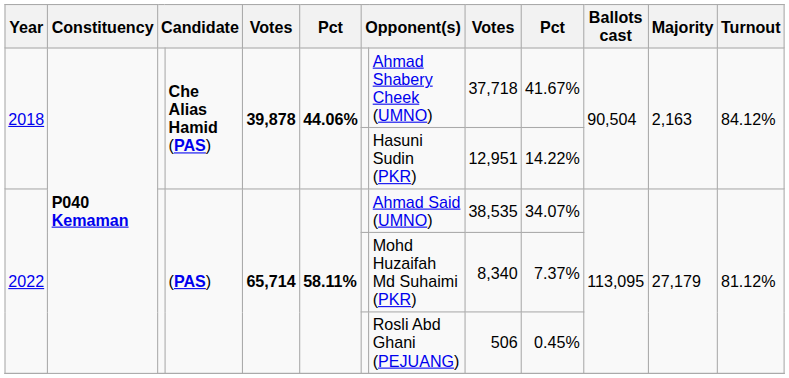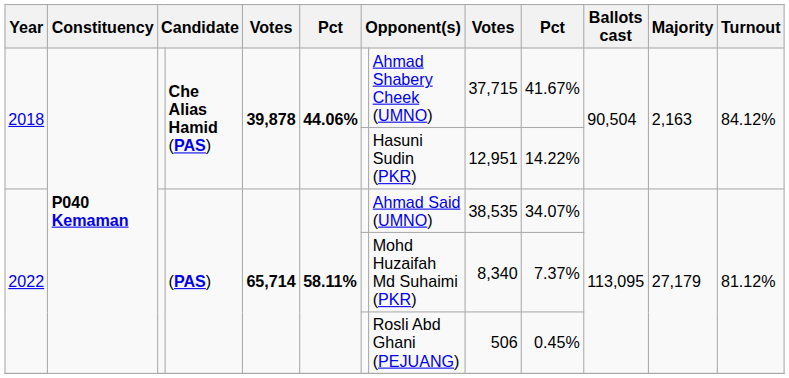 <table class="wikitable" style="margin:0.5em ; font-size:95%">
 <tr>
 <th>Year</th>
 <th>Constituency</th>
 <th colspan=2>Candidate</th>
 <th>Votes</th>
 <th>Pct</th>
 <th colspan=2>Opponent(s)</th>
 <th>Votes</th>
 <th>Pct</th>
 <th>Ballots cast</th>
 <th>Majority</th>
 <th>Turnout</th>
 </tr>
 <tr>
 <td rowspan=2><a href='#'>2018</a></td>
 <td rowspan=7><strong>P040 <a href='#'>Kemaman</a></strong></td>
 <td rowspan=2 ></td>
 <td rowspan=2><strong>Che Alias Hamid</strong> (<strong><a href='#'>PAS</a></strong>)</td>
 <td rowspan=2 align="right"><strong>39,878</strong></td>
 <td rowspan=2><strong>44.06%</strong></td>
 <td></td>
 <td><a href='#'>Ahmad Shabery Cheek</a> (<a href='#'>UMNO</a>)</td>
-<td align="right">37,718</td>
+<td align="right">37,715</td>
 <td>41.67%</td>
 <td rowspan=2>90,504</td>
 <td rowspan=2>2,163</td>
 <td rowspan=2>84.12%</td>
 </tr>
 <tr>
 <td></td>
 <td>Hasuni Sudin (<a href='#'>PKR</a>)</td>
 <td align="right">12,951</td>
 <td>14.22%</td>
 </tr>
 <tr>
 <td rowspan=3><a href='#'>2022</a></td>
 <td rowspan=3 ></td>
 <td rowspan=3> (<strong><a href='#'>PAS</a></strong>)</td>
 <td rowspan=3 align="right"><strong>65,714</strong></td>
 <td rowspan=3><strong>58.11%</strong></td>
 <td></td>
 <td><a href='#'>Ahmad Said</a> (<a href='#'>UMNO</a>)</td>
 <td align="right">38,535</td>
 <td>34.07%</td>
 <td rowspan=3>113,095</td>
 <td rowspan=3>27,179</td>
 <td rowspan=3>81.12%</td>
 </tr>
 <tr>
 <td></td>
 <td>Mohd Huzaifah Md Suhaimi (<a href='#'>PKR</a>)</td>
 <td align="right">8,340</td>
 <td align=right>7.37%</td>
 </tr>
 <tr>
 <td bgcolor=></td>
 <td>Rosli Abd Ghani (<a href='#'>PEJUANG</a>)</td>
 <td align="right">506</td>
 <td align=right>0.45%</td>
 </tr>
 <tr>
 </tr>
 </table>
